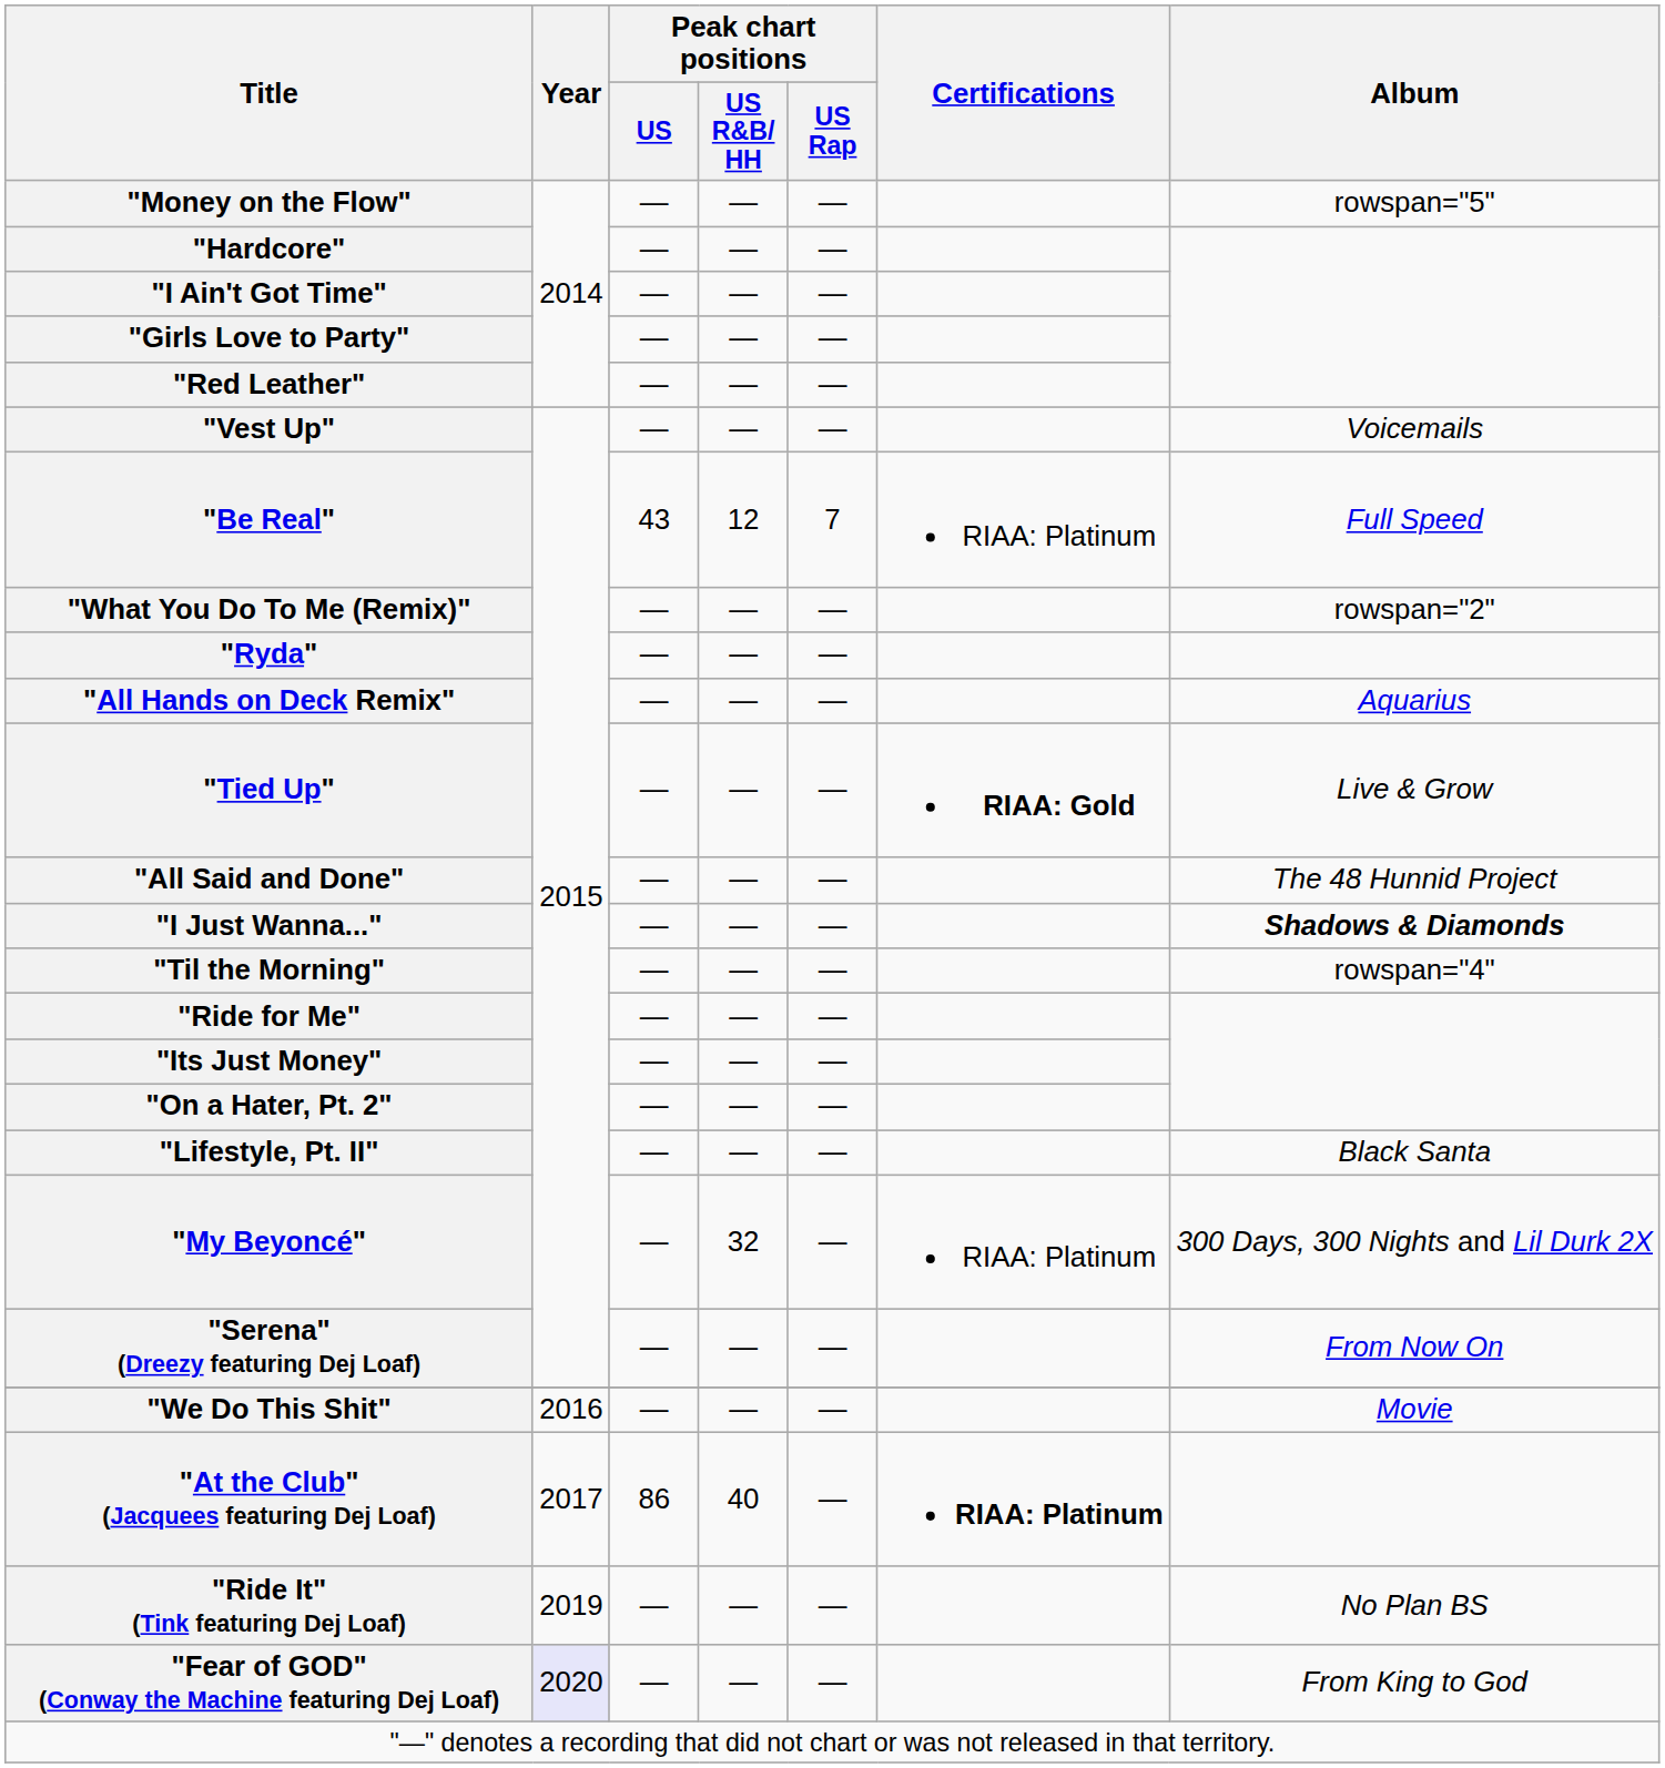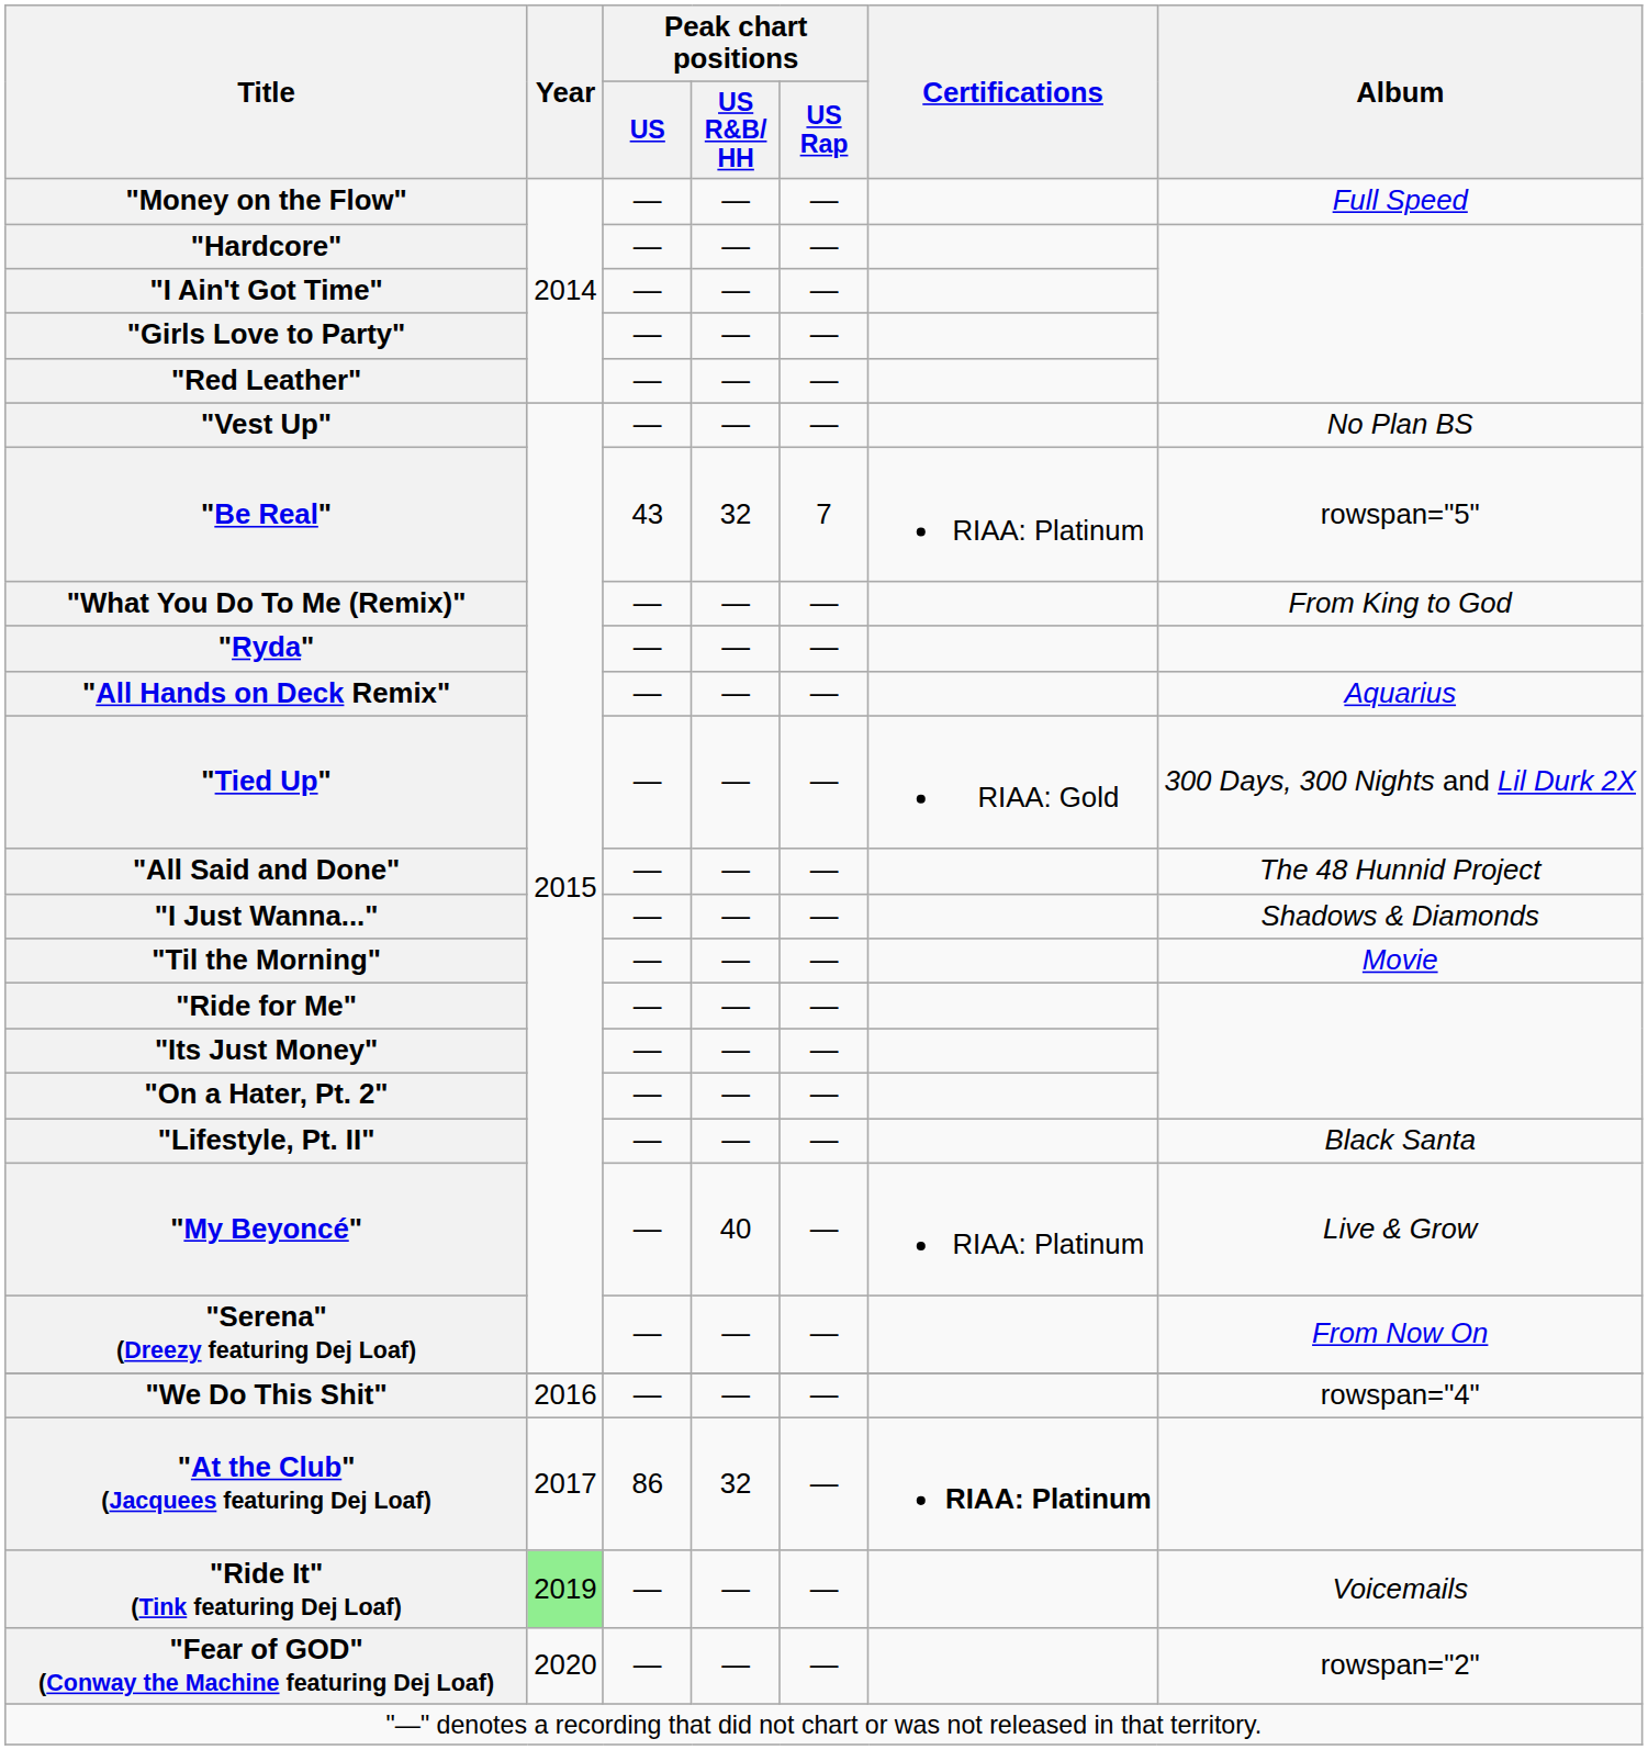 <table class="wikitable plainrowheaders" style="text-align:center;">
 <tr>
 <th scope="col" rowspan="2" style="width:18em">Title</th>
 <th scope="col" rowspan="2">Year</th>
 <th scope="col" colspan="3">Peak chart positions</th>
 <th scope="col" rowspan="2"><a href='#'>Certifications</a></th>
 <th scope="col" rowspan="2">Album</th>
 </tr>
 <tr>
 <th scope="col" style="width:3em;font-size:90%;"><a href='#'>US</a><br></th>
 <th scope="col" style="width:3em;font-size:90%;"><a href='#'>US R&B/<br>HH</a><br></th>
 <th scope="col" style="width:3em;font-size:90%;"><a href='#'>US<br>Rap</a><br></th>
 </tr>
 <tr>
 <th scope="row">"Money on the Flow"<br></th>
 <td rowspan="5">2014</td>
 <td>—</td>
 <td>—</td>
 <td>—</td>
 <td></td>
-<td>rowspan="5" </td>
+<td><em><a href='#'>Full Speed</a></em></td>
 </tr>
 <tr>
 <th scope="row">"Hardcore"<br></th>
 <td>—</td>
 <td>—</td>
 <td>—</td>
 <td></td>
 </tr>
 <tr>
 <th scope="row">"I Ain't Got Time"<br></th>
 <td>—</td>
 <td>—</td>
 <td>—</td>
 <td></td>
 </tr>
 <tr>
 <th scope="row">"Girls Love to Party"<br></th>
 <td>—</td>
 <td>—</td>
 <td>—</td>
 <td></td>
 </tr>
 <tr>
 <th scope="row">"Red Leather"<br></th>
 <td>—</td>
 <td>—</td>
 <td>—</td>
 <td></td>
 </tr>
 <tr>
 <th scope="row">"Vest Up"<br></th>
 <td rowspan="15">2015</td>
 <td>—</td>
 <td>—</td>
 <td>—</td>
 <td></td>
-<td><em>Voicemails</em></td>
+<td><em>No Plan BS</em></td>
 </tr>
 <tr>
 <th scope="row">"<a href='#'>Be Real</a>"<br></th>
 <td>43</td>
-<td>12</td>
+<td>32</td>
 <td>7</td>
 <td><br><ul><li>RIAA: Platinum</li></ul></td>
-<td><em><a href='#'>Full Speed</a></em></td>
+<td>rowspan="5" </td>
 </tr>
 <tr>
 <th scope="row">"What You Do To Me (Remix)"<br></th>
 <td>—</td>
 <td>—</td>
 <td>—</td>
 <td></td>
-<td>rowspan="2" </td>
+<td><em>From King to God</em></td>
 </tr>
 <tr>
 <th scope="row">"<a href='#'>Ryda</a>"<br></th>
 <td>—</td>
 <td>—</td>
 <td>—</td>
 <td></td>
 </tr>
 <tr>
 <th scope="row">"<a href='#'>All Hands on Deck</a> Remix"<br></th>
 <td>—</td>
 <td>—</td>
 <td>—</td>
 <td></td>
 <td><em><a href='#'>Aquarius</a></em></td>
 </tr>
 <tr>
 <th scope="row">"<a href='#'>Tied Up</a>"<br></th>
 <td>—</td>
 <td>—</td>
 <td>—</td>
-<td><strong><br><ul><li>RIAA: Gold</li></ul></strong></td>
-<td><em>Live & Grow</em></td>
+<td><br><ul><li>RIAA: Gold</li></ul></td>
+<td><em>300 Days, 300 Nights</em> and <em><a href='#'>Lil Durk 2X</a></em></td>
 </tr>
 <tr>
 <th scope="row">"All Said and Done"<br></th>
 <td>—</td>
 <td>—</td>
 <td>—</td>
 <td></td>
 <td><em>The 48 Hunnid Project</em></td>
 </tr>
 <tr>
 <th scope="row">"I Just Wanna..."<br></th>
 <td>—</td>
 <td>—</td>
 <td>—</td>
 <td></td>
-<td><strong><em>Shadows & Diamonds</em></strong></td>
+<td><em>Shadows & Diamonds</em></td>
 </tr>
 <tr>
 <th scope="row">"Til the Morning"<br></th>
 <td>—</td>
 <td>—</td>
 <td>—</td>
 <td></td>
-<td>rowspan="4" </td>
+<td><em><a href='#'>Movie</a></em></td>
 </tr>
 <tr>
 <th scope="row">"Ride for Me"<br></th>
 <td>—</td>
 <td>—</td>
 <td>—</td>
 <td></td>
 </tr>
 <tr>
 <th scope="row">"Its Just Money"<br></th>
 <td>—</td>
 <td>—</td>
 <td>—</td>
 <td></td>
 </tr>
 <tr>
 <th scope="row">"On a Hater, Pt. 2"<br></th>
 <td>—</td>
 <td>—</td>
 <td>—</td>
 <td></td>
 </tr>
 <tr>
 <th scope="row">"Lifestyle, Pt. II"<br></th>
 <td>—</td>
 <td>—</td>
 <td>—</td>
 <td></td>
 <td><em>Black Santa</em></td>
 </tr>
 <tr>
 <th scope="row">"<a href='#'>My Beyoncé</a>"<br></th>
 <td>—</td>
-<td>32</td>
+<td>40</td>
 <td>—</td>
 <td><br><ul><li>RIAA: Platinum</li></ul></td>
-<td><em>300 Days, 300 Nights</em> and <em><a href='#'>Lil Durk 2X</a></em></td>
+<td><em>Live & Grow</em></td>
 </tr>
 <tr>
 <th scope="row">"Serena"<br><small>(<a href='#'>Dreezy</a> featuring Dej Loaf)</small></th>
 <td>—</td>
 <td>—</td>
 <td>—</td>
 <td></td>
 <td><em><a href='#'>From Now On</a></em></td>
 </tr>
 <tr>
 </tr>
 <tr>
 <th scope="row">"We Do This Shit"<br></th>
 <td>2016</td>
 <td>—</td>
 <td>—</td>
 <td>—</td>
 <td></td>
-<td><em><a href='#'>Movie</a></em></td>
+<td>rowspan="4" </td>
 </tr>
 <tr>
 <th scope="row">"<a href='#'>At the Club</a>"<br><small>(<a href='#'>Jacquees</a> featuring Dej Loaf)</small></th>
 <td>2017</td>
 <td>86</td>
-<td>40</td>
+<td>32</td>
 <td>—</td>
 <td><strong><br><ul><li>RIAA: Platinum</li></ul></strong></td>
 <td></td>
 </tr>
 <tr>
 <th scope="row">"Ride It"<br><small>(<a href='#'>Tink</a> featuring Dej Loaf)</small></th>
-<td>2019</td>
+<td style="background: lightgreen;">2019</td>
 <td>—</td>
 <td>—</td>
 <td>—</td>
 <td></td>
-<td><em>No Plan BS</em></td>
+<td><em>Voicemails</em></td>
 </tr>
 <tr>
 <th scope="row">"Fear of GOD"<br><small>(<a href='#'>Conway the Machine</a> featuring Dej Loaf)</small></th>
-<td style="background: lavender;">2020</td>
+<td>2020</td>
 <td>—</td>
 <td>—</td>
 <td>—</td>
 <td></td>
-<td><em>From King to God</em></td>
+<td>rowspan="2" </td>
 </tr>
 <tr>
 <td colspan="7" style="font-size:90%">"—" denotes a recording that did not chart or was not released in that territory.</td>
 </tr>
 </table>
